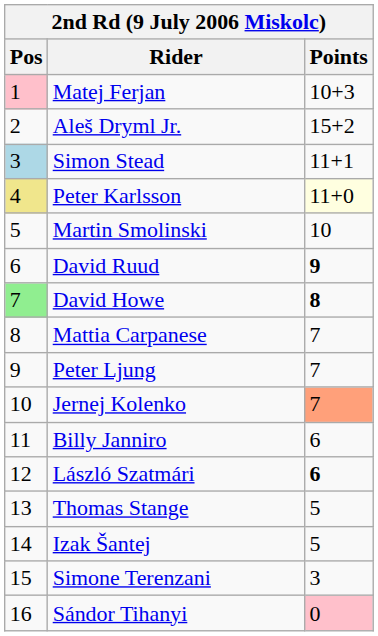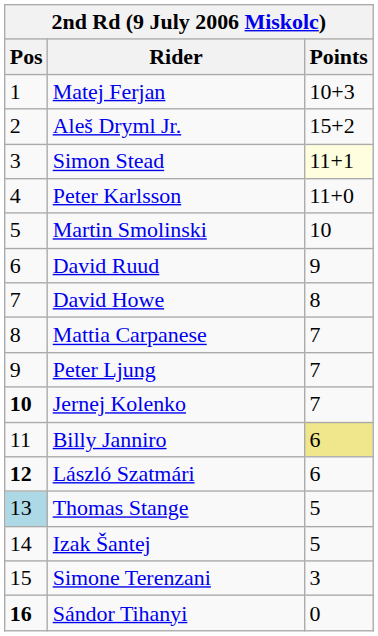 <table class="wikitable">
 <tr>
 <th colspan="6">2nd Rd (9 July 2006  <a href='#'>Miskolc</a>)</th>
 </tr>
 <tr>
 <th width=20>Pos</th>
 <th width=180>Rider</th>
 <th width=40>Points</th>
 </tr>
 <tr>
-<td style="background: pink;">1</td>
+<td>1</td>
 <td style="text-align:left;"> <a href='#'>Matej Ferjan</a></td>
 <td>10+3</td>
 </tr>
 <tr>
 <td>2</td>
 <td style="text-align:left;"> <a href='#'>Aleš Dryml Jr.</a></td>
 <td>15+2</td>
 </tr>
 <tr>
-<td style="background: lightblue;">3</td>
+<td>3</td>
 <td style="text-align:left;"> <a href='#'>Simon Stead</a></td>
-<td>11+1</td>
+<td style="background: lightyellow;">11+1</td>
 </tr>
 <tr>
-<td style="background: khaki;">4</td>
+<td>4</td>
 <td style="text-align:left;"> <a href='#'>Peter Karlsson</a></td>
-<td style="background: lightyellow;">11+0</td>
+<td>11+0</td>
 </tr>
 <tr>
 <td>5</td>
 <td style="text-align:left;"> <a href='#'>Martin Smolinski</a></td>
 <td>10</td>
 </tr>
 <tr>
 <td>6</td>
 <td style="text-align:left;"> <a href='#'>David Ruud</a></td>
-<td><strong>9</strong></td>
+<td>9</td>
 </tr>
 <tr>
-<td style="background: lightgreen;">7</td>
+<td>7</td>
 <td style="text-align:left;"> <a href='#'>David Howe</a></td>
-<td><strong>8</strong></td>
+<td>8</td>
 </tr>
 <tr>
 <td>8</td>
 <td style="text-align:left;"> <a href='#'>Mattia Carpanese</a></td>
 <td>7</td>
 </tr>
 <tr>
 <td>9</td>
 <td style="text-align:left;"> <a href='#'>Peter Ljung</a></td>
 <td>7</td>
 </tr>
 <tr>
-<td>10</td>
+<td><strong>10</strong></td>
 <td style="text-align:left;"> <a href='#'>Jernej Kolenko</a></td>
-<td style="background: lightsalmon;">7</td>
+<td>7</td>
 </tr>
 <tr>
 <td>11</td>
 <td style="text-align:left;"> <a href='#'>Billy Janniro</a></td>
+<td style="background: khaki;">6</td>
+</tr>
+<tr>
+<td><strong>12</strong></td>
+<td style="text-align:left;"> <a href='#'>László Szatmári</a></td>
 <td>6</td>
 </tr>
 <tr>
-<td>12</td>
-<td style="text-align:left;"> <a href='#'>László Szatmári</a></td>
-<td><strong>6</strong></td>
-</tr>
-<tr>
-<td>13</td>
+<td style="background: lightblue;">13</td>
 <td style="text-align:left;"> <a href='#'>Thomas Stange</a></td>
 <td>5</td>
 </tr>
 <tr>
 <td>14</td>
 <td style="text-align:left;"> <a href='#'>Izak Šantej</a></td>
 <td>5</td>
 </tr>
 <tr>
 <td>15</td>
 <td style="text-align:left;"> <a href='#'>Simone Terenzani</a></td>
 <td>3</td>
 </tr>
 <tr>
-<td>16</td>
+<td><strong>16</strong></td>
 <td style="text-align:left;"> <a href='#'>Sándor Tihanyi</a></td>
-<td style="background: pink;">0</td>
+<td>0</td>
 </tr>
 </table>
